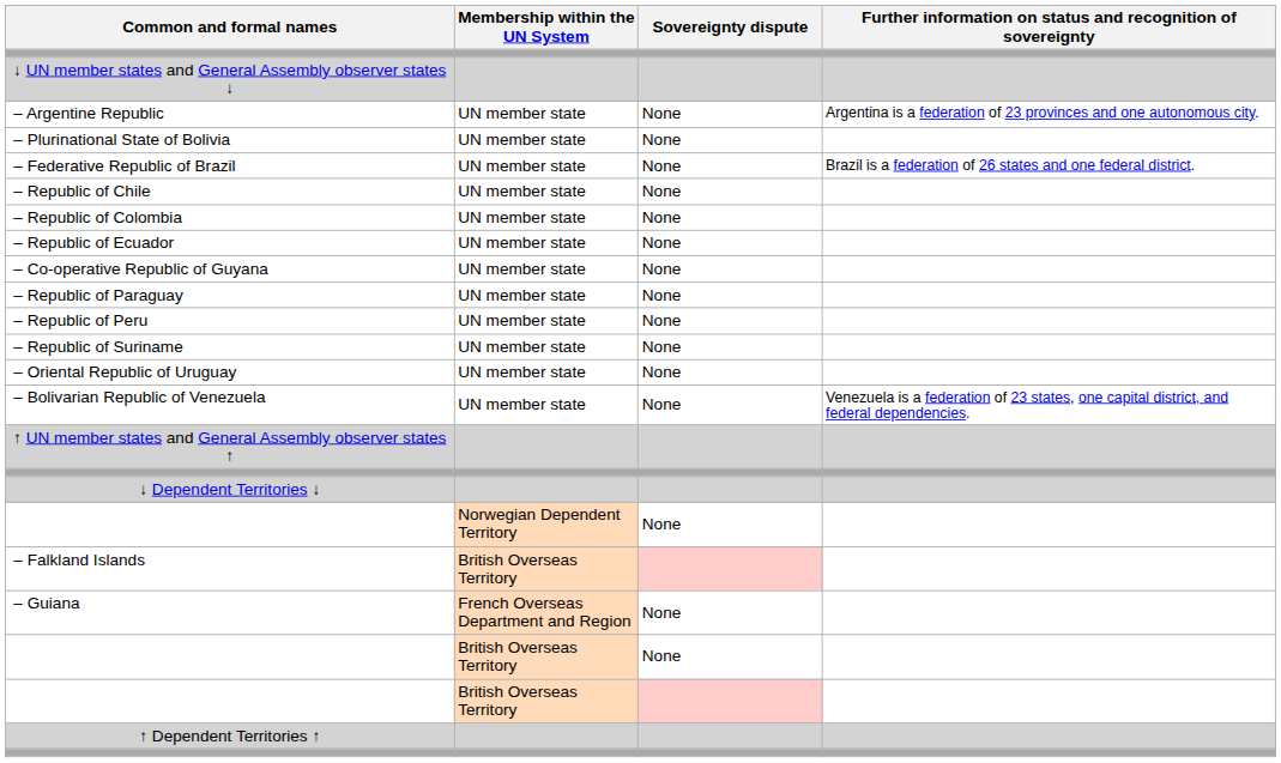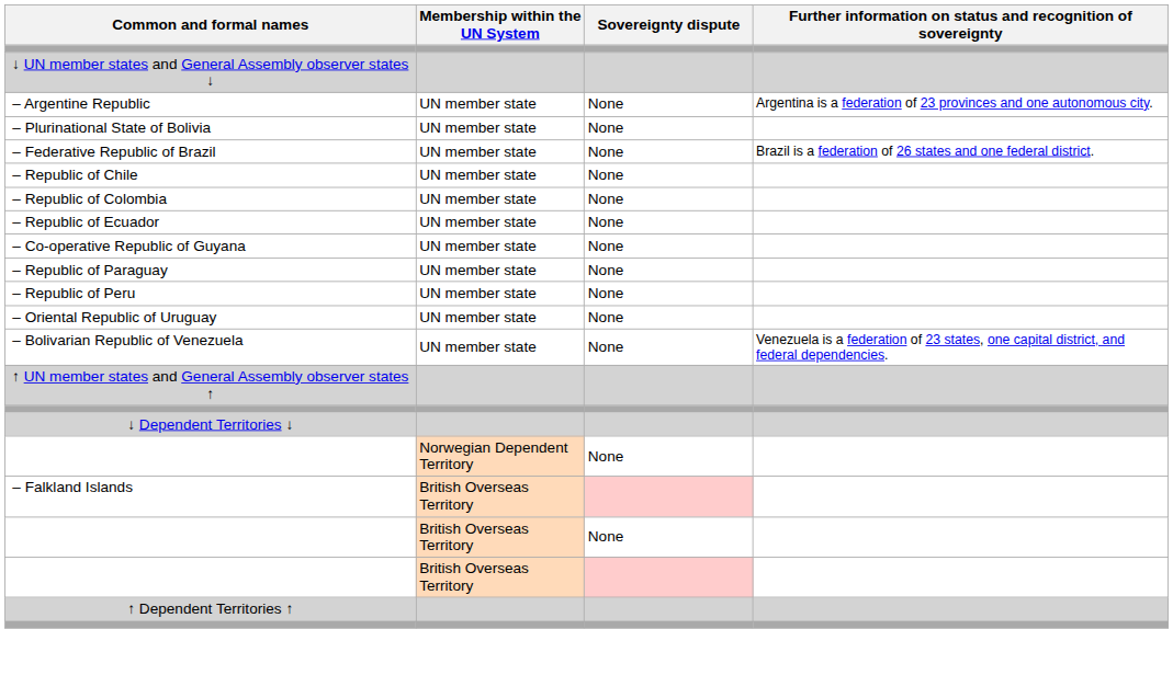 <table class="sortable wikitable" style="background:white;text-align:left;">
 <tr>
 <th style="width:325pt">Common and formal names</th>
 <th style="width:130pt;">Membership within the <a href='#'>UN System</a></th>
 <th style="width:130pt;">Sovereignty dispute</th>
 <th class="unsortable">Further information on status and recognition of sovereignty</th>
 </tr>
 <tr style="background:Darkgrey;">
 <td style="text-align:center;"></td>
 <td></td>
 <td></td>
 <td></td>
 </tr>
 <tr style="background:Lightgrey;">
 <td style="text-align:center;">↓ <a href='#'>UN member states</a> and <a href='#'>General Assembly observer states</a> ↓</td>
 <td></td>
 <td></td>
 <td><br></td>
 </tr>
 <tr>
 <td style="vertical-align:top;"><strong></strong> – Argentine Republic</td>
 <td>UN member state</td>
 <td>None</td>
 <td style="vertical-align:top;text-align:left;font-size:90%;">Argentina is a <a href='#'>federation</a> of <a href='#'>23 provinces and one autonomous city</a>.</td>
 </tr>
 <tr>
 <td style="vertical-align:top;"><strong></strong> – Plurinational State of Bolivia</td>
 <td>UN member state</td>
 <td>None</td>
 <td style="vertical-align:top;text-align:left;font-size:90%;"></td>
 </tr>
 <tr>
 <td style="vertical-align:top;"><strong></strong> – Federative Republic of Brazil</td>
 <td>UN member state</td>
 <td>None</td>
 <td style="vertical-align:top;text-align:left;font-size:90%;">Brazil is a <a href='#'>federation</a> of <a href='#'>26 states and one federal district</a>.</td>
 </tr>
 <tr>
 <td style="vertical-align:top;"><strong></strong> – Republic of Chile</td>
 <td>UN member state</td>
 <td>None</td>
 <td style="vertical-align:top;text-align:left;font-size:90%;"></td>
 </tr>
 <tr>
 <td style="vertical-align:top;"><strong></strong> – Republic of Colombia</td>
 <td>UN member state</td>
 <td>None</td>
 <td style="vertical-align:top;text-align:left;font-size:90%;"></td>
 </tr>
 <tr>
 <td style="vertical-align:top;"><strong></strong> – Republic of Ecuador</td>
 <td>UN member state</td>
 <td>None</td>
 <td style="vertical-align:top;text-align:left;font-size:90%;"><br></td>
 </tr>
 <tr>
 <td style="vertical-align:top;"><strong></strong> – Co-operative Republic of Guyana</td>
 <td>UN member state</td>
 <td>None</td>
 <td style="vertical-align:top;text-align:left;font-size:90%;"></td>
 </tr>
 <tr>
 <td style="vertical-align:top;"><strong></strong> – Republic of Paraguay</td>
 <td>UN member state</td>
 <td>None</td>
 <td style="vertical-align:top;text-align:left;font-size:90%;"></td>
 </tr>
 <tr>
 <td style="vertical-align:top;"><strong></strong> – Republic of Peru</td>
 <td>UN member state</td>
 <td>None</td>
 <td style="vertical-align:top;text-align:left;font-size:90%;"><br> </td>
 </tr>
 <tr>
-<td style="vertical-align:top;"><strong></strong> – Republic of Suriname</td>
-<td>UN member state</td>
-<td>None</td>
-<td style="vertical-align:top;text-align:left;font-size:90%;"></td>
-</tr>
-<tr>
 <td style="vertical-align:top;"><strong></strong> – Oriental Republic of Uruguay</td>
 <td>UN member state</td>
 <td>None</td>
 <td style="vertical-align:top;text-align:left;font-size:90%;"></td>
 </tr>
 <tr>
 <td style="vertical-align:top;"><strong></strong> – Bolivarian Republic of Venezuela</td>
 <td>UN member state</td>
 <td>None</td>
 <td style="vertical-align:top;text-align:left;font-size:90%;">Venezuela is a <a href='#'>federation</a> of <a href='#'>23 states</a>, <a href='#'>one capital district, and federal dependencies</a>.</td>
 </tr>
 <tr style="background:Lightgrey;">
 <td style="text-align:center;">↑ <a href='#'>UN member states</a> and <a href='#'>General Assembly observer states</a> ↑</td>
 <td></td>
 <td></td>
 <td></td>
 </tr>
 <tr style="background:Darkgrey;">
 <td style="text-align:center;"></td>
 <td></td>
 <td></td>
 <td></td>
 </tr>
 <tr style="background:Lightgrey;">
 <td style="text-align:center;">↓ <a href='#'>Dependent Territories</a> ↓</td>
 <td></td>
 <td></td>
 <td></td>
 </tr>
 <tr>
 <td style="vertical-align:top;"><strong></strong></td>
 <td style="background:PeachPuff;">Norwegian Dependent Territory</td>
 <td>None</td>
 <td style="vertical-align:top;text-align:left;font-size:90%;"></td>
 </tr>
 <tr>
 <td style="vertical-align:top;"><strong></strong> – Falkland Islands</td>
 <td style="background:PeachPuff;">British Overseas Territory</td>
 <td style="background:#fcc;"></td>
 <td style="vertical-align:top;text-align:left;font-size:90%;"></td>
 </tr>
 <tr>
-<td style="vertical-align:top;"><strong></strong> – Guiana</td>
-<td style="background:PeachPuff;">French Overseas Department and Region</td>
-<td>None</td>
-<td style="vertical-align:top;text-align:left;font-size:90%;"></td>
-</tr>
-<tr>
 <td style="vertical-align:top;"><strong></strong></td>
 <td style="background:PeachPuff;">British Overseas Territory</td>
 <td>None</td>
 <td style="vertical-align:top;text-align:left;font-size:90%;"></td>
 </tr>
 <tr>
 <td style="vertical-align:top;"><strong></strong></td>
 <td style="background:PeachPuff;">British Overseas Territory</td>
 <td style="background:#fcc;"></td>
 <td style="vertical-align:top;text-align:left;font-size:90%;"></td>
 </tr>
 <tr style="background:Lightgrey;">
 <td style="text-align:center;">↑ Dependent Territories ↑</td>
 <td></td>
 <td></td>
 <td></td>
 </tr>
 <tr style="background:Darkgrey;">
 <td style="text-align:center;"></td>
 <td></td>
 <td></td>
 <td></td>
 </tr>
 </table>
